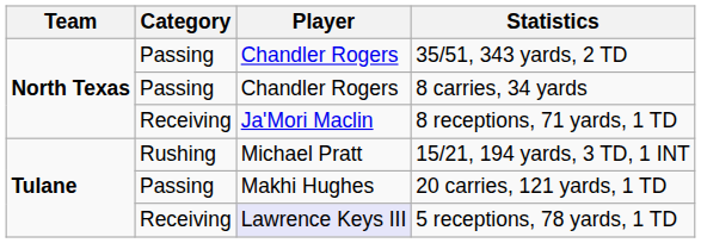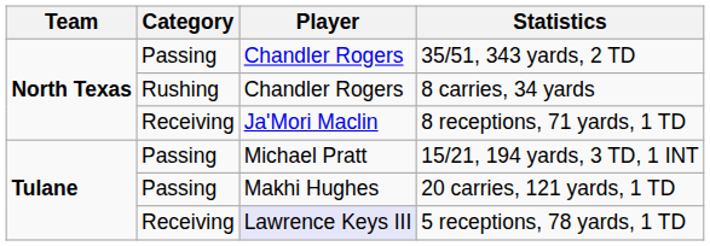 <table class="wikitable" style="float: right;">
 <tr>
 <th>Team</th>
 <th>Category</th>
 <th>Player</th>
 <th>Statistics</th>
 </tr>
 <tr>
 <td rowspan=3><strong>North Texas</strong></td>
 <td>Passing</td>
 <td><a href='#'>Chandler Rogers</a></td>
 <td>35/51, 343 yards, 2 TD</td>
 </tr>
 <tr>
-<td>Passing</td>
+<td>Rushing</td>
 <td>Chandler Rogers</td>
 <td>8 carries, 34 yards</td>
 </tr>
 <tr>
 <td>Receiving</td>
 <td><a href='#'>Ja'Mori Maclin</a></td>
 <td>8 receptions, 71 yards, 1 TD</td>
 </tr>
 <tr>
 <td rowspan=3><strong>Tulane</strong></td>
-<td>Rushing</td>
+<td>Passing</td>
 <td>Michael Pratt</td>
 <td>15/21, 194 yards, 3 TD, 1 INT</td>
 </tr>
 <tr>
 <td>Passing</td>
 <td>Makhi Hughes</td>
 <td>20 carries, 121 yards, 1 TD</td>
 </tr>
 <tr>
 <td>Receiving</td>
 <td style="background: lavender;">Lawrence Keys III</td>
 <td>5 receptions, 78 yards, 1 TD</td>
 </tr>
 </table>
